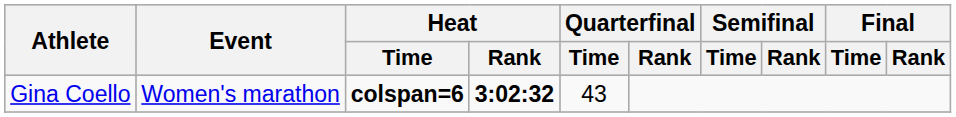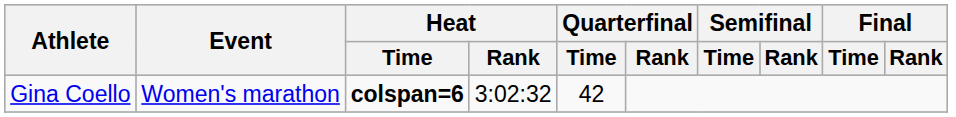 <table class=wikitable style=font-size:90%;text-align:center>
 <tr>
 <th rowspan=2>Athlete</th>
 <th rowspan=2>Event</th>
 <th colspan=2>Heat</th>
 <th colspan=2>Quarterfinal</th>
 <th colspan=2>Semifinal</th>
 <th colspan=2>Final</th>
 </tr>
 <tr style=font-size:95%>
 <th>Time</th>
 <th>Rank</th>
 <th>Time</th>
 <th>Rank</th>
 <th>Time</th>
 <th>Rank</th>
 <th>Time</th>
 <th>Rank</th>
 </tr>
 <tr>
 <td align=left><a href='#'>Gina Coello</a></td>
 <td align=left><a href='#'>Women's marathon</a></td>
 <td><strong>colspan=6 </strong></td>
-<td><strong>3:02:32</strong></td>
-<td>43</td>
+<td>3:02:32</td>
+<td>42</td>
 </tr>
 </table>
